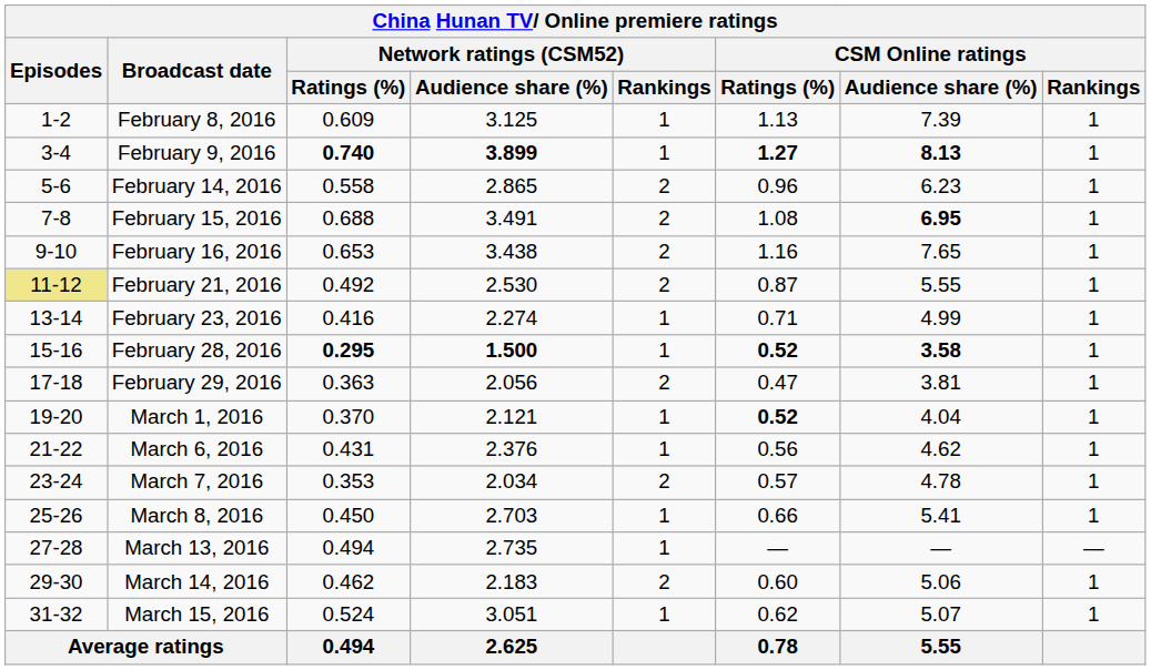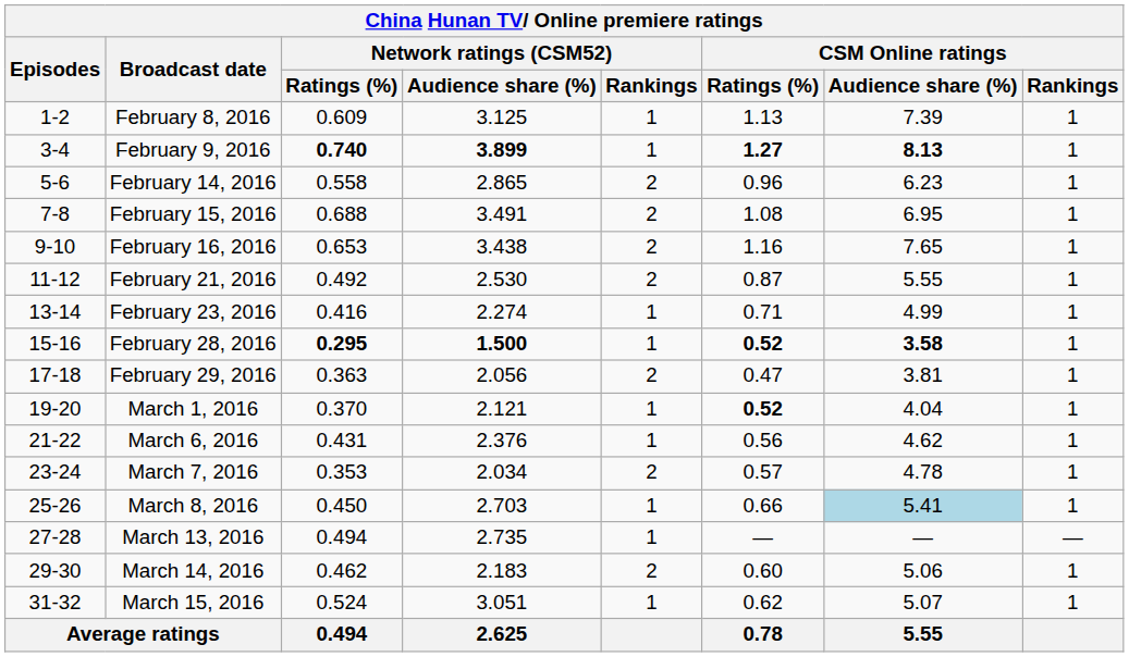 <table class="wikitable sortable mw-collapsible mw-collapsed jquery-tablesorter" style="text-align:center">
 <tr>
 <th colspan="8"><strong><a href='#'>China</a> <a href='#'>Hunan TV</a>/ Online premiere ratings</strong></th>
 </tr>
 <tr>
 <th rowspan="2"><strong>Episodes</strong></th>
 <th rowspan="2"><strong>Broadcast date</strong></th>
 <th colspan="3"><strong>Network ratings (CSM52)</strong></th>
 <th colspan="3"><strong>CSM Online ratings</strong></th>
 </tr>
 <tr>
 <th><strong>Ratings (%)</strong></th>
 <th><strong>Audience share (%)</strong></th>
 <th><strong>Rankings</strong></th>
 <th><strong>Ratings (%)</strong></th>
 <th><strong>Audience share (%)</strong></th>
 <th><strong>Rankings</strong></th>
 </tr>
 <tr>
 <td>1-2</td>
 <td>February 8, 2016</td>
 <td>0.609</td>
 <td>3.125</td>
 <td>1</td>
 <td>1.13</td>
 <td>7.39</td>
 <td>1</td>
 </tr>
 <tr>
 <td>3-4</td>
 <td>February 9, 2016</td>
 <td><strong><span>0.740</span></strong></td>
 <td><strong><span>3.899</span></strong></td>
 <td>1</td>
 <td><strong><span>1.27</span></strong></td>
 <td><strong><span>8.13</span></strong></td>
 <td>1</td>
 </tr>
 <tr>
 <td>5-6</td>
 <td>February 14, 2016</td>
 <td>0.558</td>
 <td>2.865</td>
 <td>2</td>
 <td>0.96</td>
 <td>6.23</td>
 <td>1</td>
 </tr>
 <tr>
 <td>7-8</td>
 <td>February 15, 2016</td>
 <td>0.688</td>
 <td>3.491</td>
 <td>2</td>
 <td>1.08</td>
-<td><strong>6.95</strong></td>
+<td>6.95</td>
 <td>1</td>
 </tr>
 <tr>
 <td>9-10</td>
 <td>February 16, 2016</td>
 <td>0.653</td>
 <td>3.438</td>
 <td>2</td>
 <td>1.16</td>
 <td>7.65</td>
 <td>1</td>
 </tr>
 <tr>
-<td style="background: khaki;">11-12</td>
+<td>11-12</td>
 <td>February 21, 2016</td>
 <td>0.492</td>
 <td>2.530</td>
 <td>2</td>
 <td>0.87</td>
 <td>5.55</td>
 <td>1</td>
 </tr>
 <tr>
 <td>13-14</td>
 <td>February 23, 2016</td>
 <td>0.416</td>
 <td>2.274</td>
 <td>1</td>
 <td>0.71</td>
 <td>4.99</td>
 <td>1</td>
 </tr>
 <tr>
 <td>15-16</td>
 <td>February 28, 2016</td>
 <td><strong><span>0.295</span></strong></td>
 <td><strong><span>1.500</span></strong></td>
 <td>1</td>
 <td><strong><span>0.52</span></strong></td>
 <td><strong><span>3.58</span></strong></td>
 <td>1</td>
 </tr>
 <tr>
 <td>17-18</td>
 <td>February 29, 2016</td>
 <td>0.363</td>
 <td>2.056</td>
 <td>2</td>
 <td>0.47</td>
 <td>3.81</td>
 <td>1</td>
 </tr>
 <tr>
 <td>19-20</td>
 <td>March 1, 2016</td>
 <td>0.370</td>
 <td>2.121</td>
 <td>1</td>
 <td><strong><span>0.52</span></strong></td>
 <td>4.04</td>
 <td>1</td>
 </tr>
 <tr>
 <td>21-22</td>
 <td>March 6, 2016</td>
 <td>0.431</td>
 <td>2.376</td>
 <td>1</td>
 <td>0.56</td>
 <td>4.62</td>
 <td>1</td>
 </tr>
 <tr>
 <td>23-24</td>
 <td>March 7, 2016</td>
 <td>0.353</td>
 <td>2.034</td>
 <td>2</td>
 <td>0.57</td>
 <td>4.78</td>
 <td>1</td>
 </tr>
 <tr>
 <td>25-26</td>
 <td>March 8, 2016</td>
 <td>0.450</td>
 <td>2.703</td>
 <td>1</td>
 <td>0.66</td>
-<td>5.41</td>
+<td style="background: lightblue;">5.41</td>
 <td>1</td>
 </tr>
 <tr>
 <td>27-28</td>
 <td>March 13, 2016</td>
 <td>0.494</td>
 <td>2.735</td>
 <td>1</td>
 <td>—</td>
 <td>—</td>
 <td>—</td>
 </tr>
 <tr>
 <td>29-30</td>
 <td>March 14, 2016</td>
 <td>0.462</td>
 <td>2.183</td>
 <td>2</td>
 <td>0.60</td>
 <td>5.06</td>
 <td>1</td>
 </tr>
 <tr>
 <td>31-32</td>
 <td>March 15, 2016</td>
 <td>0.524</td>
 <td>3.051</td>
 <td>1</td>
 <td>0.62</td>
 <td>5.07</td>
 <td>1</td>
 </tr>
 <tr>
 <th colspan="2">Average ratings</th>
 <th>0.494</th>
 <th>2.625</th>
 <th></th>
 <th>0.78</th>
 <th>5.55</th>
 <th></th>
 </tr>
 </table>
